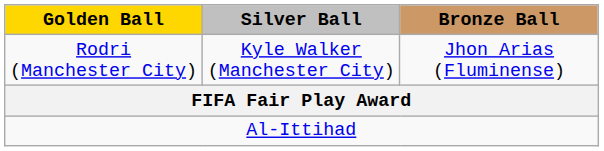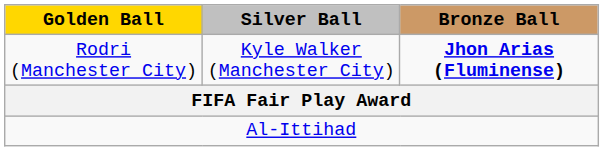 <table class="wikitable" style="text-align:center">
 <tr>
 <th style="background:gold; width:33%">Golden Ball</th>
 <th style="background:silver; width:33%">Silver Ball</th>
 <th style="background:#CC9966; width:33%">Bronze Ball</th>
 </tr>
 <tr>
 <td> <a href='#'>Rodri</a><br>(<a href='#'>Manchester City</a>)</td>
 <td> <a href='#'>Kyle Walker</a><br>(<a href='#'>Manchester City</a>)</td>
-<td> <a href='#'>Jhon Arias</a><br>(<a href='#'>Fluminense</a>)</td>
+<td><strong> <a href='#'>Jhon Arias</a><br>(<a href='#'>Fluminense</a>)</strong></td>
 </tr>
 <tr>
 <th colspan="3">FIFA Fair Play Award</th>
 </tr>
 <tr>
 <td colspan="3"> <a href='#'>Al-Ittihad</a></td>
 </tr>
 </table>
